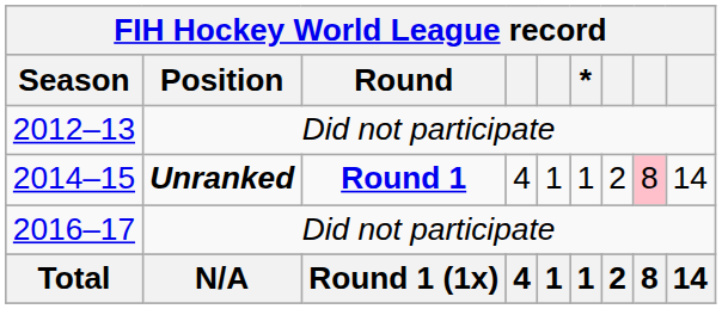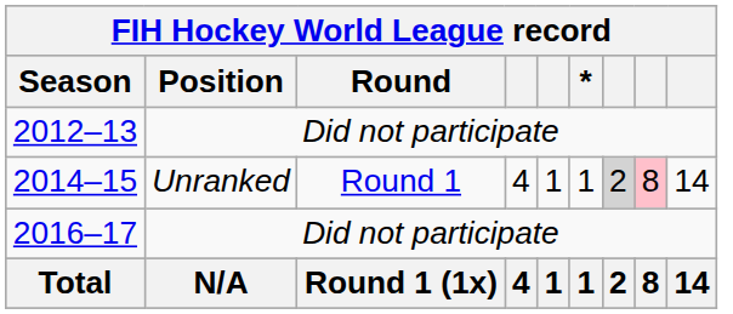 <table class="wikitable" style="text-align: center;">
 <tr>
 <th colspan=9><a href='#'>FIH Hockey World League</a> record</th>
 </tr>
 <tr>
 <th>Season</th>
 <th>Position</th>
 <th>Round</th>
 <th></th>
 <th></th>
 <th> *</th>
 <th></th>
 <th></th>
 <th></th>
 </tr>
 <tr>
 <td><a href='#'>2012–13</a></td>
 <td colspan=8><em>Did not participate</em></td>
 </tr>
 <tr>
 <td><a href='#'>2014–15</a></td>
-<td><strong><em>Unranked</em></strong></td>
-<td><strong><a href='#'>Round 1</a></strong></td>
+<td><em>Unranked</em></td>
+<td><a href='#'>Round 1</a></td>
 <td>4</td>
 <td>1</td>
 <td>1</td>
-<td>2</td>
+<td style="background: lightgrey;">2</td>
 <td style="background: pink;">8</td>
 <td>14</td>
 </tr>
 <tr>
 <td><a href='#'>2016–17</a></td>
 <td colspan=8><em>Did not participate</em></td>
 </tr>
 <tr>
 <th>Total</th>
 <th>N/A</th>
 <th>Round 1 (1x)</th>
 <th>4</th>
 <th>1</th>
 <th>1</th>
 <th>2</th>
 <th>8</th>
 <th>14</th>
 </tr>
 </table>
